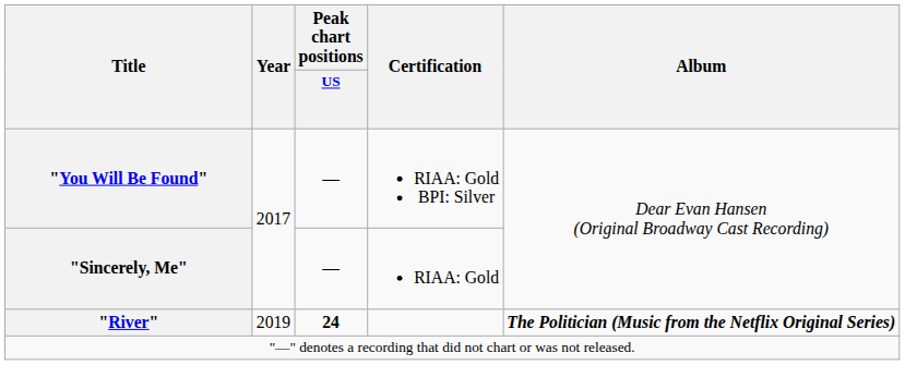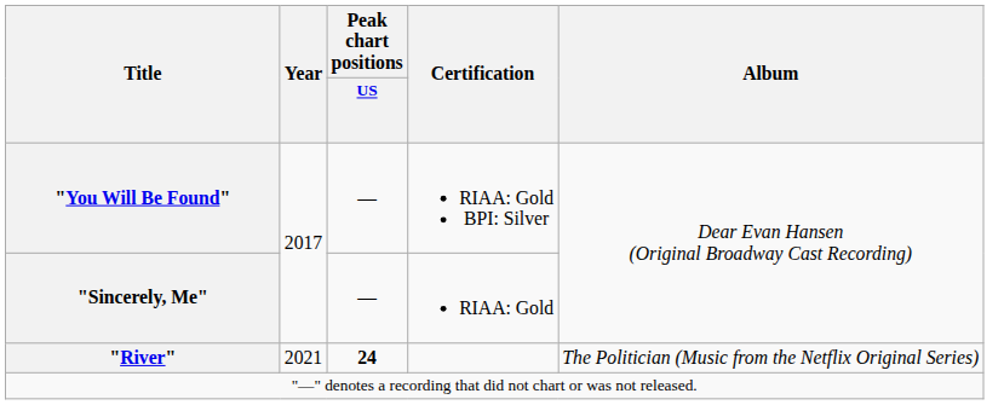 <table class="wikitable plainrowheaders" style="text-align:center;">
 <tr>
 <th scope="col" rowspan="2" style="width:14em;">Title</th>
 <th scope="col" rowspan="2" style="width:1em;">Year</th>
 <th scope="col" colspan="1">Peak chart positions</th>
 <th scope="col" rowspan="2">Certification</th>
 <th scope="col" rowspan="2">Album</th>
 </tr>
 <tr>
 <th scope="col" style="width:3em;font-size:85%;"><a href='#'>US<br><br></a><br></th>
 </tr>
 <tr>
 <th scope="row">"<a href='#'>You Will Be Found</a>"</th>
 <td rowspan="2">2017</td>
 <td>—</td>
 <td><br><ul><li>RIAA: Gold</li><li>BPI: Silver</li></ul></td>
 <td rowspan="2"><em>Dear Evan Hansen<br>(Original Broadway Cast Recording)</em></td>
 </tr>
 <tr>
 <th scope="row">"Sincerely, Me"</th>
 <td>—</td>
 <td><br><ul><li>RIAA: Gold</li></ul></td>
 </tr>
 <tr>
 <th scope="row">"<a href='#'>River</a>"</th>
-<td>2019</td>
+<td>2021</td>
 <td><strong>24</strong></td>
 <td></td>
-<td><strong><em>The Politician (Music from the Netflix Original Series)</em></strong></td>
+<td><em>The Politician (Music from the Netflix Original Series)</em></td>
 </tr>
 <tr>
 <td colspan="5" style="font-size:85%">"—" denotes a recording that did not chart or was not released.</td>
 </tr>
 </table>
